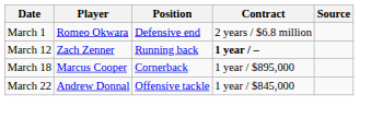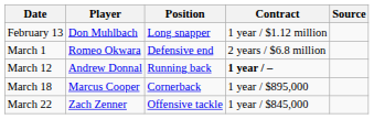 <table class="wikitable">
 <tr>
 <th>Date</th>
 <th>Player</th>
 <th>Position</th>
 <th>Contract</th>
 <th>Source</th>
+</tr>
+<tr>
+<td>February 13</td>
+<td><a href='#'>Don Muhlbach</a></td>
+<td><a href='#'>Long snapper</a></td>
+<td>1 year / $1.12 million</td>
+<td></td>
 </tr>
 <tr>
 <td>March 1</td>
 <td><a href='#'>Romeo Okwara</a></td>
 <td><a href='#'>Defensive end</a></td>
 <td>2 years / $6.8 million</td>
 <td></td>
 </tr>
 <tr>
 <td>March 12</td>
-<td><a href='#'>Zach Zenner</a></td>
+<td><a href='#'>Andrew Donnal</a></td>
 <td><a href='#'>Running back</a></td>
 <td><strong>1 year / –</strong></td>
 <td></td>
 </tr>
 <tr>
 <td>March 18</td>
 <td><a href='#'>Marcus Cooper</a></td>
 <td><a href='#'>Cornerback</a></td>
 <td>1 year / $895,000</td>
 <td></td>
 </tr>
 <tr>
 <td>March 22</td>
-<td><a href='#'>Andrew Donnal</a></td>
+<td><a href='#'>Zach Zenner</a></td>
 <td><a href='#'>Offensive tackle</a></td>
 <td>1 year / $845,000</td>
 <td></td>
 </tr>
 </table>
